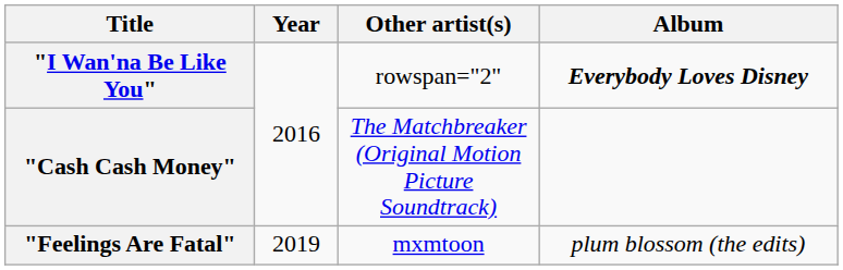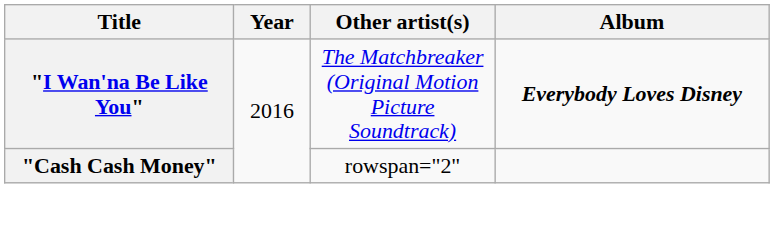 <table class="wikitable plainrowheaders" style="text-align:center;">
 <tr>
 <th scope="col" rowspan="1" style="width:10em;">Title</th>
 <th scope="col" rowspan="1" style="width:3em;">Year</th>
 <th scope="col" rowspan="1" style="width:8em;">Other artist(s)</th>
 <th scope="col" rowspan="1" style="width:12em;">Album</th>
 </tr>
 <tr>
 <th scope="row">"<a href='#'>I Wan'na Be Like You</a>"</th>
 <td rowspan="2">2016</td>
-<td>rowspan="2" </td>
+<td><em><a href='#'>The Matchbreaker (Original Motion Picture Soundtrack)</a></em></td>
 <td><strong><em>Everybody Loves Disney</em></strong></td>
 </tr>
 <tr>
 <th scope="row">"Cash Cash Money"</th>
-<td><em><a href='#'>The Matchbreaker (Original Motion Picture Soundtrack)</a></em></td>
-</tr>
-<tr>
-<th scope="row">"Feelings Are Fatal"</th>
-<td>2019</td>
-<td><a href='#'>mxmtoon</a></td>
-<td><em>plum blossom (the edits)</em></td>
+<td>rowspan="2" </td>
 </tr>
 </table>
